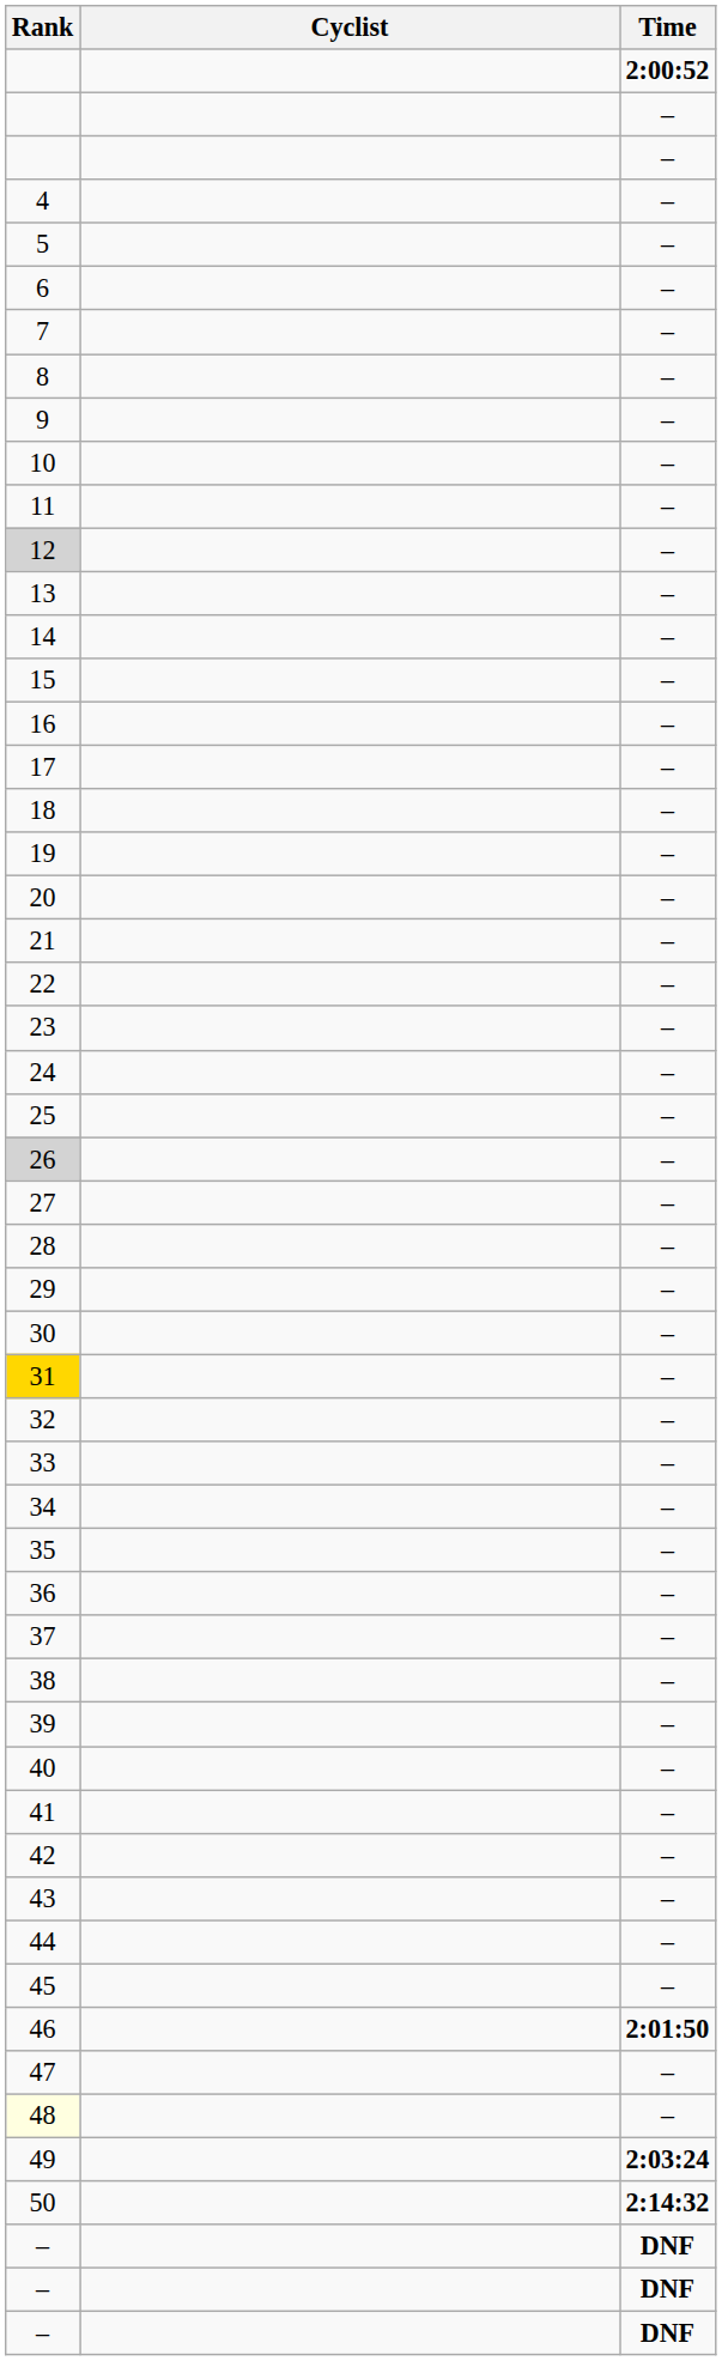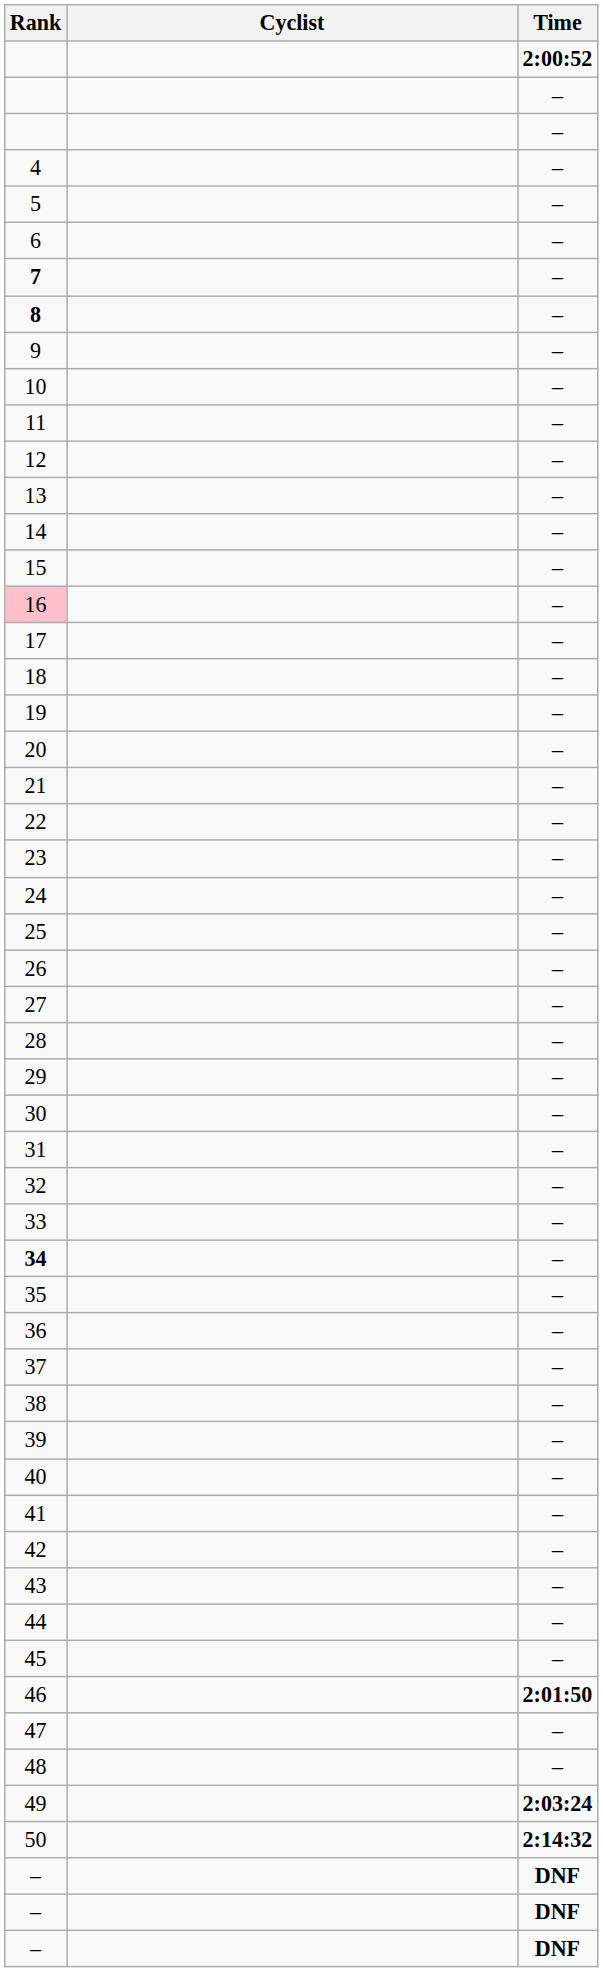 <table class="wikitable" style="font-size:95%;">
 <tr>
 <th>Rank</th>
 <th align="left" style="width: 20em">Cyclist</th>
 <th>Time</th>
 </tr>
 <tr>
 <td align="center"></td>
 <td></td>
 <td><strong>2:00:52</strong></td>
 </tr>
 <tr>
 <td align="center"></td>
 <td></td>
 <td align="center">–</td>
 </tr>
 <tr>
 <td align="center"></td>
 <td></td>
 <td align="center">–</td>
 </tr>
 <tr>
 <td align="center">4</td>
 <td></td>
 <td align="center">–</td>
 </tr>
 <tr>
 <td align="center">5</td>
 <td></td>
 <td align="center">–</td>
 </tr>
 <tr>
 <td align="center">6</td>
 <td></td>
 <td align="center">–</td>
 </tr>
 <tr>
-<td align="center">7</td>
+<td align="center"><strong>7</strong></td>
 <td></td>
 <td align="center">–</td>
 </tr>
 <tr>
-<td align="center">8</td>
+<td align="center"><strong>8</strong></td>
 <td></td>
 <td align="center">–</td>
 </tr>
 <tr>
 <td align="center">9</td>
 <td></td>
 <td align="center">–</td>
 </tr>
 <tr>
 <td align="center">10</td>
 <td></td>
 <td align="center">–</td>
 </tr>
 <tr>
 <td align="center">11</td>
 <td></td>
 <td align="center">–</td>
 </tr>
 <tr>
-<td align="center" style="background: lightgrey;">12</td>
+<td align="center">12</td>
 <td></td>
 <td align="center">–</td>
 </tr>
 <tr>
 <td align="center">13</td>
 <td></td>
 <td align="center">–</td>
 </tr>
 <tr>
 <td align="center">14</td>
 <td></td>
 <td align="center">–</td>
 </tr>
 <tr>
 <td align="center">15</td>
 <td></td>
 <td align="center">–</td>
 </tr>
 <tr>
-<td align="center">16</td>
+<td align="center" style="background: pink;">16</td>
 <td></td>
 <td align="center">–</td>
 </tr>
 <tr>
 <td align="center">17</td>
 <td></td>
 <td align="center">–</td>
 </tr>
 <tr>
 <td align="center">18</td>
 <td></td>
 <td align="center">–</td>
 </tr>
 <tr>
 <td align="center">19</td>
 <td></td>
 <td align="center">–</td>
 </tr>
 <tr>
 <td align="center">20</td>
 <td></td>
 <td align="center">–</td>
 </tr>
 <tr>
 <td align="center">21</td>
 <td></td>
 <td align="center">–</td>
 </tr>
 <tr>
 <td align="center">22</td>
 <td></td>
 <td align="center">–</td>
 </tr>
 <tr>
 <td align="center">23</td>
 <td></td>
 <td align="center">–</td>
 </tr>
 <tr>
 <td align="center">24</td>
 <td></td>
 <td align="center">–</td>
 </tr>
 <tr>
 <td align="center">25</td>
 <td></td>
 <td align="center">–</td>
 </tr>
 <tr>
-<td align="center" style="background: lightgrey;">26</td>
+<td align="center">26</td>
 <td></td>
 <td align="center">–</td>
 </tr>
 <tr>
 <td align="center">27</td>
 <td></td>
 <td align="center">–</td>
 </tr>
 <tr>
 <td align="center">28</td>
 <td></td>
 <td align="center">–</td>
 </tr>
 <tr>
 <td align="center">29</td>
 <td></td>
 <td align="center">–</td>
 </tr>
 <tr>
 <td align="center">30</td>
 <td></td>
 <td align="center">–</td>
 </tr>
 <tr>
-<td align="center" style="background: gold;">31</td>
+<td align="center">31</td>
 <td></td>
 <td align="center">–</td>
 </tr>
 <tr>
 <td align="center">32</td>
 <td></td>
 <td align="center">–</td>
 </tr>
 <tr>
 <td align="center">33</td>
 <td></td>
 <td align="center">–</td>
 </tr>
 <tr>
-<td align="center">34</td>
+<td align="center"><strong>34</strong></td>
 <td></td>
 <td align="center">–</td>
 </tr>
 <tr>
 <td align="center">35</td>
 <td></td>
 <td align="center">–</td>
 </tr>
 <tr>
 <td align="center">36</td>
 <td></td>
 <td align="center">–</td>
 </tr>
 <tr>
 <td align="center">37</td>
 <td></td>
 <td align="center">–</td>
 </tr>
 <tr>
 <td align="center">38</td>
 <td></td>
 <td align="center">–</td>
 </tr>
 <tr>
 <td align="center">39</td>
 <td></td>
 <td align="center">–</td>
 </tr>
 <tr>
 <td align="center">40</td>
 <td></td>
 <td align="center">–</td>
 </tr>
 <tr>
 <td align="center">41</td>
 <td></td>
 <td align="center">–</td>
 </tr>
 <tr>
 <td align="center">42</td>
 <td></td>
 <td align="center">–</td>
 </tr>
 <tr>
 <td align="center">43</td>
 <td></td>
 <td align="center">–</td>
 </tr>
 <tr>
 <td align="center">44</td>
 <td></td>
 <td align="center">–</td>
 </tr>
 <tr>
 <td align="center">45</td>
 <td></td>
 <td align="center">–</td>
 </tr>
 <tr>
 <td align="center">46</td>
 <td></td>
 <td align="center"><strong>2:01:50</strong></td>
 </tr>
 <tr>
 <td align="center">47</td>
 <td></td>
 <td align="center">–</td>
 </tr>
 <tr>
-<td align="center" style="background: lightyellow;">48</td>
+<td align="center">48</td>
 <td></td>
 <td align="center">–</td>
 </tr>
 <tr>
 <td align="center">49</td>
 <td></td>
 <td align="center"><strong>2:03:24</strong></td>
 </tr>
 <tr>
 <td align="center">50</td>
 <td></td>
 <td align="center"><strong>2:14:32</strong></td>
 </tr>
 <tr>
 <td align="center">–</td>
 <td></td>
 <td align="center"><strong>DNF</strong></td>
 </tr>
 <tr>
 <td align="center">–</td>
 <td></td>
 <td align="center"><strong>DNF</strong></td>
 </tr>
 <tr>
 <td align="center">–</td>
 <td></td>
 <td align="center"><strong>DNF</strong></td>
 </tr>
 </table>
